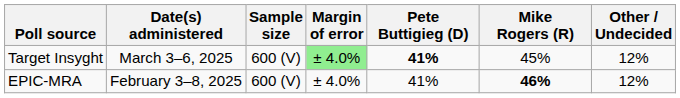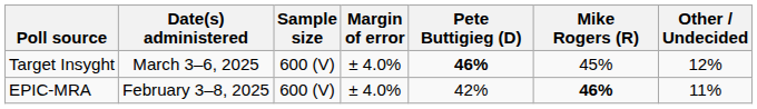 <table class="wikitable" style="font-size:90%;text-align:center;">
 <tr valign=bottom>
 <th>Poll source</th>
 <th>Date(s)<br>administered</th>
 <th>Sample<br>size</th>
 <th>Margin<br>of error</th>
 <th style="width:100px;">Pete<br>Buttigieg (D)</th>
 <th style="width:100px;">Mike<br>Rogers (R)</th>
 <th>Other /<br>Undecided</th>
 </tr>
 <tr>
 <td style="text-align:left;">Target Insyght</td>
 <td>March 3–6, 2025</td>
 <td>600 (V)</td>
-<td style="background: lightgreen;">± 4.0%</td>
-<td style="background-color:"><strong>41%</strong></td>
+<td>± 4.0%</td>
+<td style="background-color:"><strong>46%</strong></td>
 <td>45%</td>
 <td>12%</td>
 </tr>
 <tr>
 <td style="text-align:left;">EPIC-MRA</td>
 <td>February 3–8, 2025</td>
 <td>600 (V)</td>
 <td>± 4.0%</td>
-<td>41%</td>
+<td>42%</td>
 <td style="background-color:"><strong>46%</strong></td>
-<td>12%</td>
+<td>11%</td>
 </tr>
 </table>
